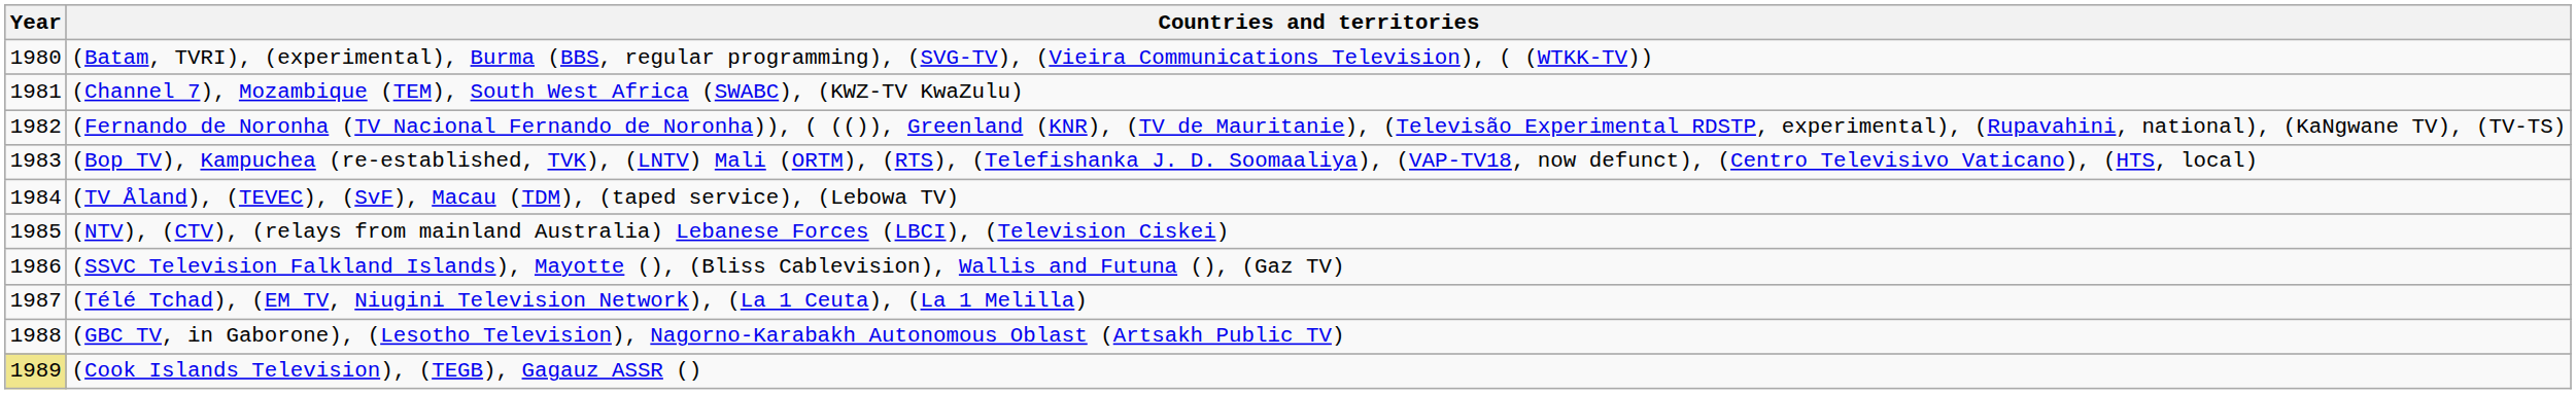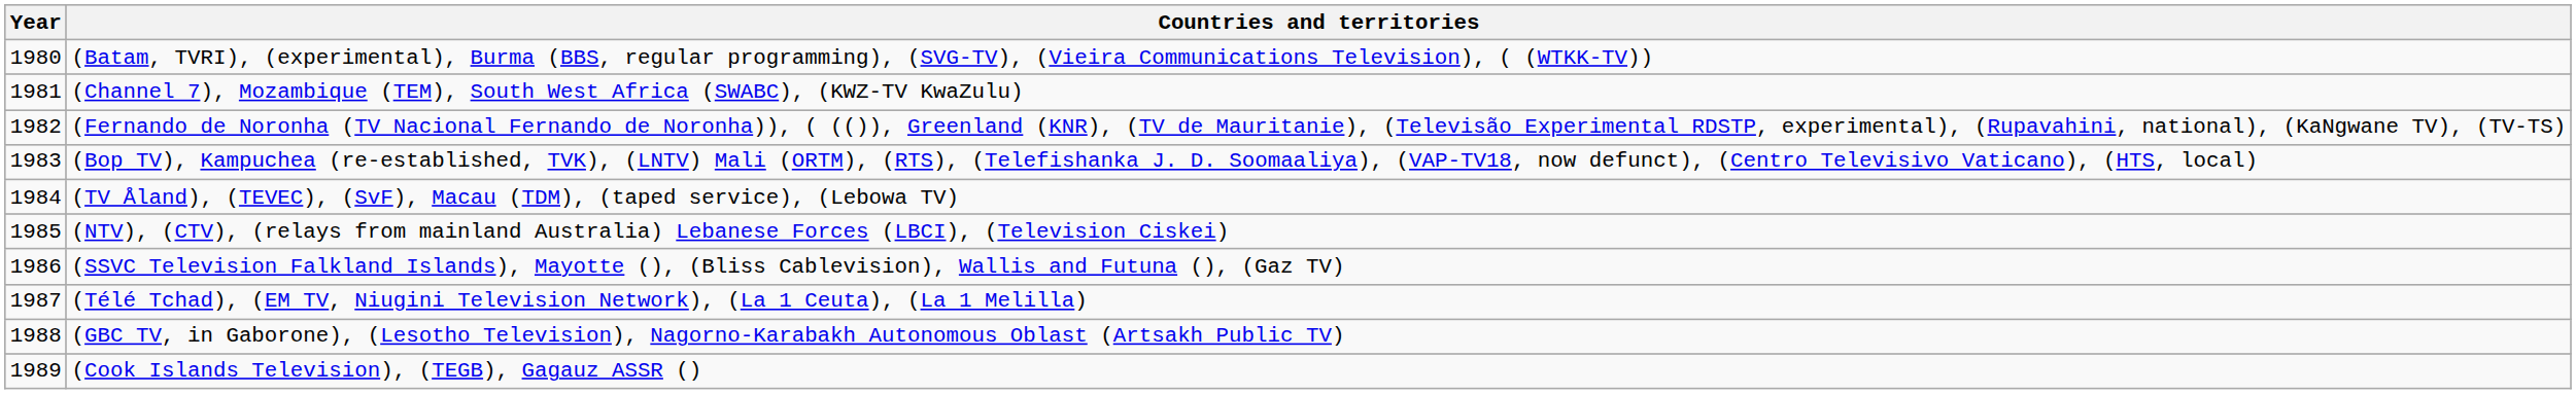 <table class="wikitable">
 <tr>
 <th>Year</th>
 <th>Countries and territories</th>
 </tr>
 <tr>
 <td>1980</td>
 <td> (<a href='#'>Batam</a>, TVRI),  (experimental),  <a href='#'>Burma</a> (<a href='#'>BBS</a>, regular programming),  (<a href='#'>SVG-TV</a>),  (<a href='#'>Vieira Communications Television</a>),  ( (<a href='#'>WTKK-TV</a>))</td>
 </tr>
 <tr>
 <td>1981</td>
 <td> (<a href='#'>Channel 7</a>),  <a href='#'>Mozambique</a> (<a href='#'>TEM</a>),  <a href='#'>South West Africa</a> (<a href='#'>SWABC</a>),  (KWZ-TV KwaZulu)</td>
 </tr>
 <tr>
 <td>1982</td>
 <td> (<a href='#'>Fernando de Noronha</a> (<a href='#'>TV Nacional Fernando de Noronha</a>)),  ( (()),  <a href='#'>Greenland</a> (<a href='#'>KNR</a>),  (<a href='#'>TV de Mauritanie</a>),  (<a href='#'>Televisão Experimental RDSTP</a>, experimental),  (<a href='#'>Rupavahini</a>, national),  (KaNgwane TV),  (TV-TS)</td>
 </tr>
 <tr>
 <td>1983</td>
 <td> (<a href='#'>Bop TV</a>),  <a href='#'>Kampuchea</a> (re-established, <a href='#'>TVK</a>),  (<a href='#'>LNTV</a>)  <a href='#'>Mali</a> (<a href='#'>ORTM</a>),  (<a href='#'>RTS</a>),  (<a href='#'>Telefishanka J. D. Soomaaliya</a>),  (<a href='#'>VAP-TV18</a>, now defunct),  (<a href='#'>Centro Televisivo Vaticano</a>),  (<a href='#'>HTS</a>, local)</td>
 </tr>
 <tr>
 <td>1984</td>
 <td> (<a href='#'>TV Åland</a>),  (<a href='#'>TEVEC</a>),  (<a href='#'>SvF</a>),  <a href='#'>Macau</a> (<a href='#'>TDM</a>),  (taped service),  (Lebowa TV)</td>
 </tr>
 <tr>
 <td>1985</td>
 <td> (<a href='#'>NTV</a>),  (<a href='#'>CTV</a>),  (relays from mainland Australia)  <a href='#'>Lebanese Forces</a> (<a href='#'>LBCI</a>),  (<a href='#'>Television Ciskei</a>)</td>
 </tr>
 <tr>
 <td>1986</td>
 <td> (<a href='#'>SSVC Television Falkland Islands</a>),  <a href='#'>Mayotte</a> (),  (Bliss Cablevision),  <a href='#'>Wallis and Futuna</a> (),  (Gaz TV)</td>
 </tr>
 <tr>
 <td>1987</td>
 <td> (<a href='#'>Télé Tchad</a>),  (<a href='#'>EM TV</a>, <a href='#'>Niugini Television Network</a>),  (<a href='#'>La 1 Ceuta</a>),  (<a href='#'>La 1 Melilla</a>)</td>
 </tr>
 <tr>
 <td>1988</td>
 <td> (<a href='#'>GBC TV</a>, in Gaborone),  (<a href='#'>Lesotho Television</a>),  <a href='#'>Nagorno-Karabakh Autonomous Oblast</a> (<a href='#'>Artsakh Public TV</a>)</td>
 </tr>
 <tr>
-<td style="background: khaki;">1989</td>
+<td>1989</td>
 <td> (<a href='#'>Cook Islands Television</a>),  (<a href='#'>TEGB</a>),  <a href='#'>Gagauz ASSR</a> ()</td>
 </tr>
 </table>
